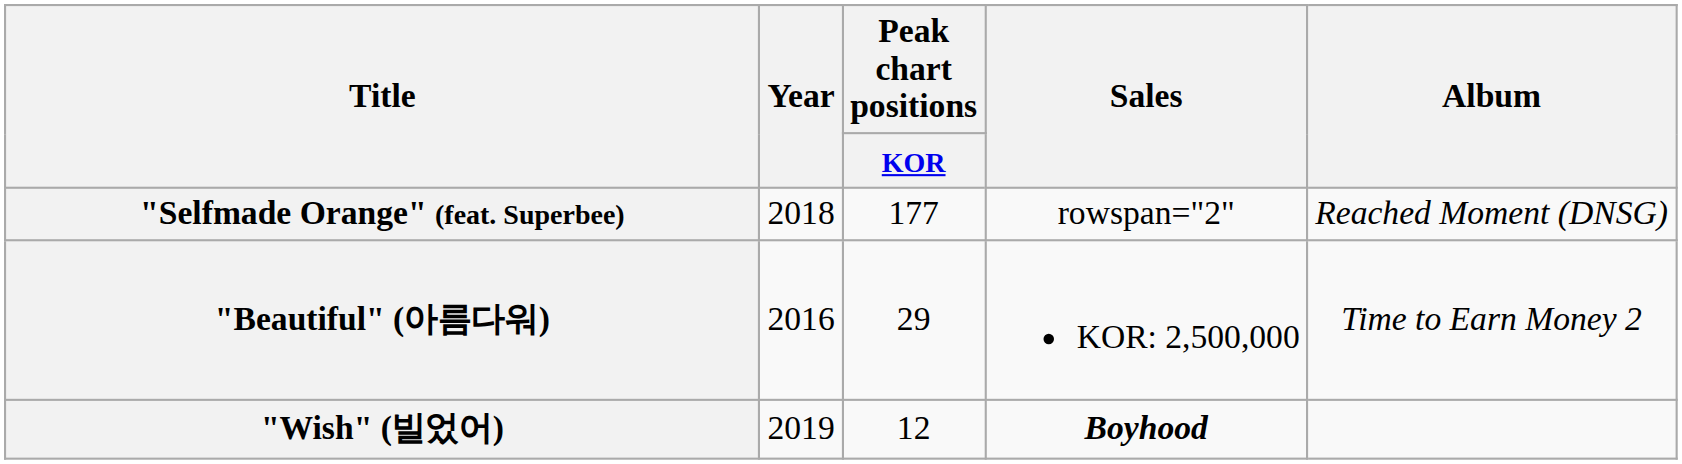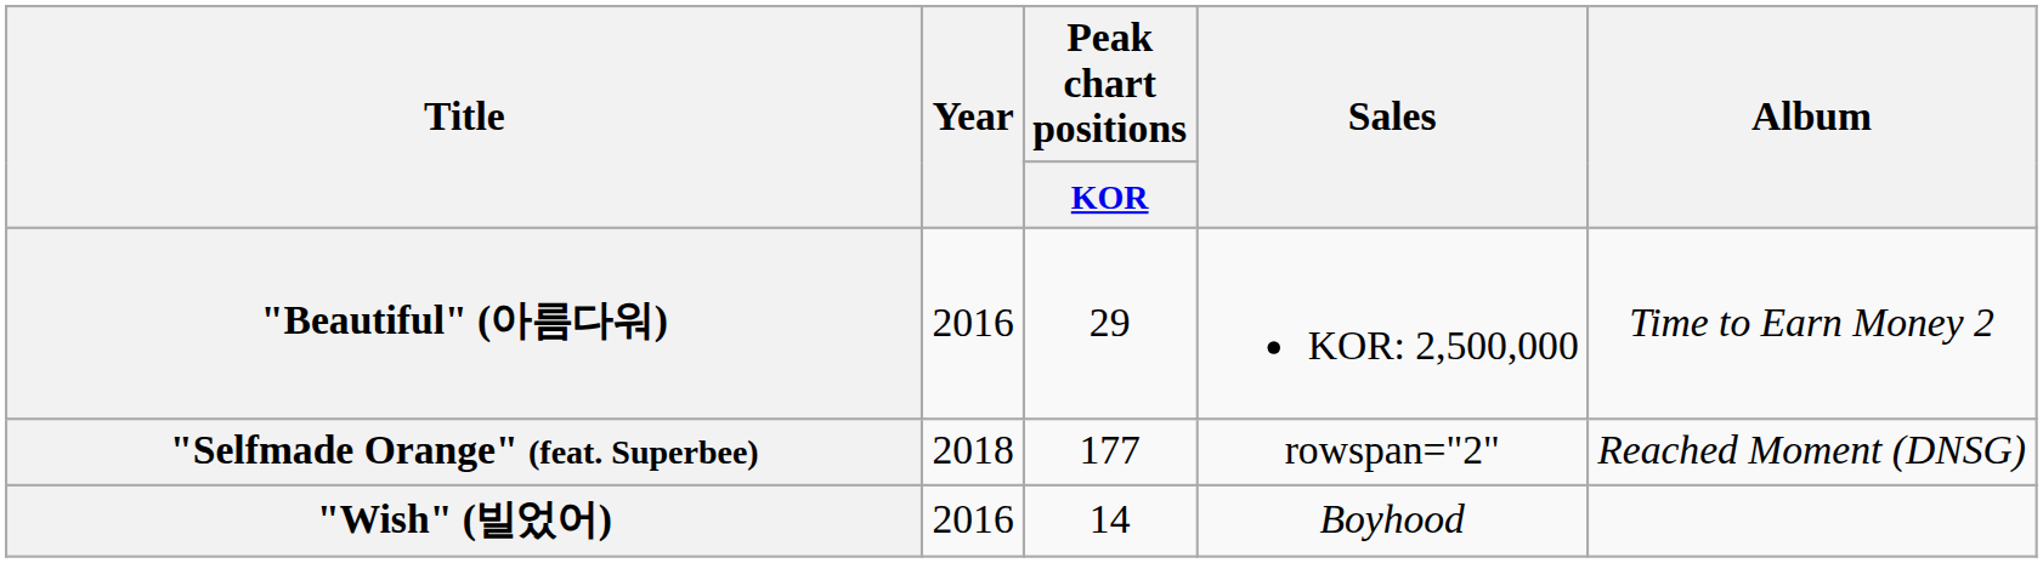 <table class="wikitable plainrowheaders" style="text-align:center;">
 <tr>
 <th scope="col" rowspan="2" style="width:22em;">Title</th>
 <th scope="col" rowspan="2">Year</th>
 <th scope="col">Peak<br>chart<br>positions</th>
 <th scope="col" rowspan="2">Sales</th>
 <th scope="col" rowspan="2">Album</th>
 </tr>
 <tr>
 <th><small><a href='#'>KOR</a></small><br></th>
 </tr>
 <tr>
+<th scope="row">"Beautiful" (아름다워)</th>
+<td>2016</td>
+<td>29</td>
+<td><br><ul><li>KOR: 2,500,000</li></ul></td>
+<td><em>Time to Earn Money 2</em></td>
+</tr>
+<tr>
 <th scope="row">"Selfmade Orange" <small>(feat. Superbee)</small></th>
 <td>2018</td>
 <td>177</td>
 <td>rowspan="2" </td>
 <td><em>Reached Moment (DNSG)</em></td>
 </tr>
 <tr>
-<th scope="row">"Beautiful" (아름다워)</th>
+<th scope="row">"Wish" (빌었어)</th>
 <td>2016</td>
-<td>29</td>
-<td><br><ul><li>KOR: 2,500,000</li></ul></td>
-<td><em>Time to Earn Money 2</em></td>
-</tr>
-<tr>
-<th scope="row">"Wish" (빌었어)</th>
-<td>2019</td>
-<td>12</td>
-<td><strong><em>Boyhood</em></strong></td>
+<td>14</td>
+<td><em>Boyhood</em></td>
 </tr>
 </table>
